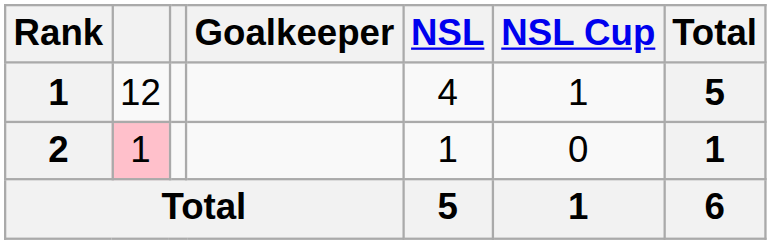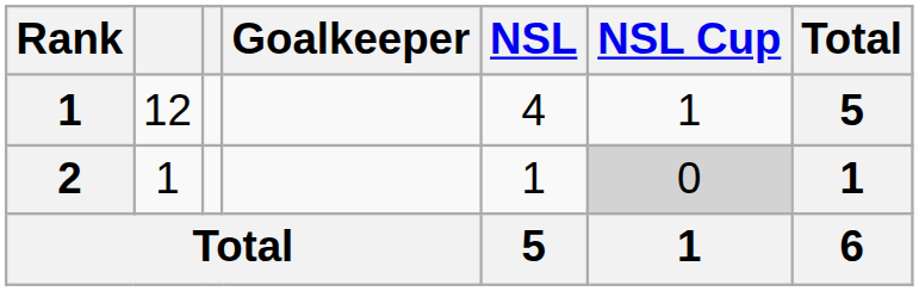 <table class="wikitable sortable" style="text-align:center">
 <tr>
 <th>Rank</th>
 <th></th>
 <th></th>
 <th>Goalkeeper</th>
 <th><a href='#'>NSL</a></th>
 <th><a href='#'>NSL Cup</a></th>
 <th>Total</th>
 </tr>
 <tr>
 <th>1</th>
 <td>12</td>
 <td></td>
 <td align="left"></td>
 <td>4</td>
 <td>1</td>
 <th>5</th>
 </tr>
 <tr>
 <th>2</th>
-<td style="background: pink;">1</td>
+<td>1</td>
 <td></td>
 <td align="left"></td>
 <td>1</td>
-<td>0</td>
+<td style="background: lightgrey;">0</td>
 <th>1</th>
 </tr>
 <tr>
 <th colspan="4">Total</th>
 <th>5</th>
 <th>1</th>
 <th>6</th>
 </tr>
 </table>
